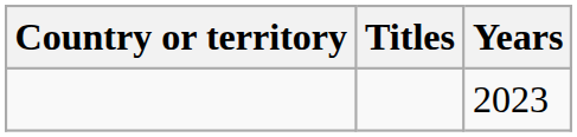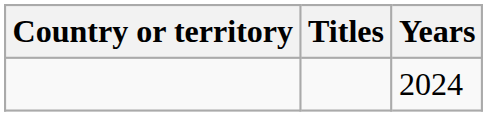 <table class="wikitable" style="font-size:95%;">
 <tr>
 <th>Country or territory</th>
 <th>Titles</th>
 <th>Years</th>
 </tr>
 <tr>
 <td></td>
 <td></td>
-<td>2023</td>
+<td>2024</td>
 </tr>
 </table>
